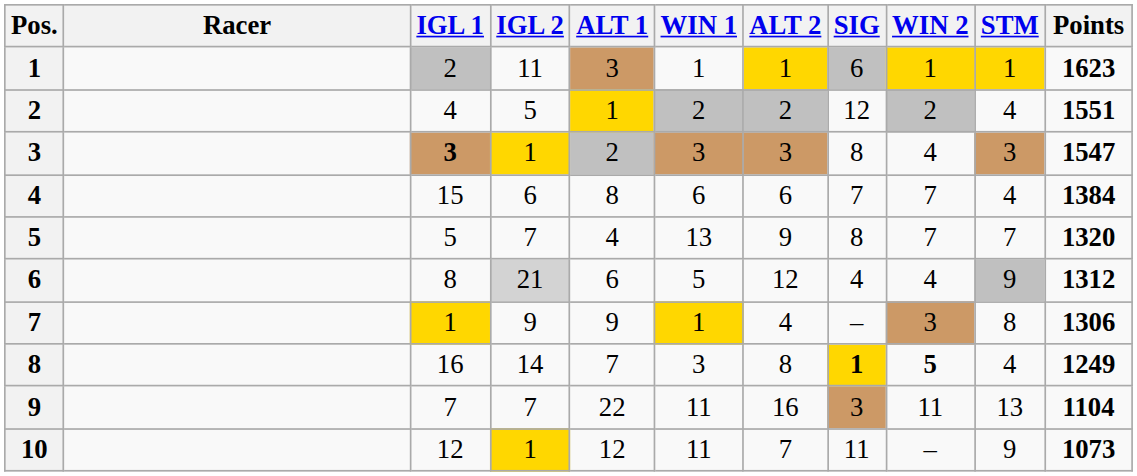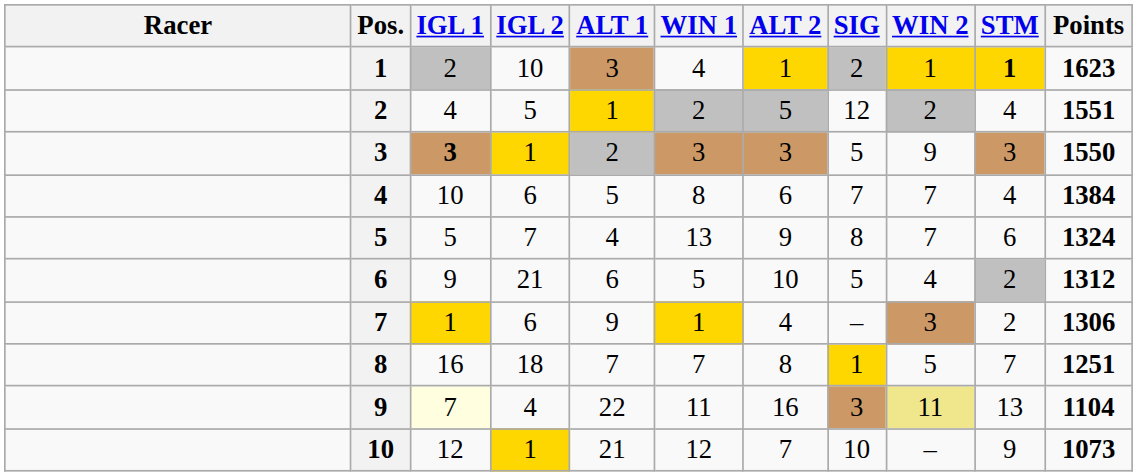 <table class="wikitable sortable plainrowheaders" style="text-align:center;">
 <tr>
+<th scope="col" style="width:200px;">Racer</th>
 <th scope="col">Pos.</th>
-<th scope="col" style="width:200px;">Racer</th>
 <th scope="col"> <a href='#'>IGL 1</a></th>
 <th> <a href='#'>IGL 2</a></th>
 <th> <a href='#'>ALT 1</a></th>
 <th> <a href='#'>WIN 1</a></th>
 <th> <a href='#'>ALT 2</a></th>
 <th> <a href='#'>SIG</a></th>
 <th> <a href='#'>WIN 2</a></th>
 <th> <a href='#'>STM</a></th>
 <th style="width:45px;">Points</th>
 </tr>
 <tr>
+<td align="left"></td>
 <th style="text-align:center;">1</th>
-<td align="left"></td>
 <td style="background:silver;">2</td>
-<td>11</td>
+<td>10</td>
 <td style="background:#c96;">3</td>
-<td>1</td>
+<td>4</td>
 <td style="background:gold;">1</td>
-<td style="background:silver;">6</td>
+<td style="background:silver;">2</td>
 <td style="background:gold;">1</td>
-<td style="background:gold;">1</td>
+<td style="background:gold;"><strong>1</strong></td>
 <td><strong>1623</strong></td>
 </tr>
 <tr>
+<td align="left"></td>
 <th style="text-align:center;">2</th>
-<td align="left"></td>
 <td>4</td>
 <td>5</td>
 <td style="background:gold;">1</td>
 <td style="background:silver;">2</td>
-<td style="background:silver;">2</td>
+<td style="background:silver;">5</td>
 <td>12</td>
 <td style="background:silver;">2</td>
 <td>4</td>
 <td><strong>1551</strong></td>
 </tr>
 <tr>
+<td align="left"></td>
 <th style="text-align:center;">3</th>
-<td align="left"></td>
 <td style="background:#c96;"><strong>3</strong></td>
 <td style="background:gold;">1</td>
 <td style="background:silver;">2</td>
 <td style="background:#c96;">3</td>
 <td style="background:#c96;">3</td>
-<td>8</td>
-<td>4</td>
+<td>5</td>
+<td>9</td>
 <td style="background:#c96;">3</td>
-<td><strong>1547</strong></td>
+<td><strong>1550</strong></td>
 </tr>
 <tr>
+<td align="left"></td>
 <th style="text-align:center;">4</th>
-<td align="left"></td>
-<td>15</td>
+<td>10</td>
 <td>6</td>
+<td>5</td>
 <td>8</td>
-<td>6</td>
 <td>6</td>
 <td>7</td>
 <td>7</td>
 <td>4</td>
 <td><strong>1384</strong></td>
 </tr>
 <tr>
+<td align="left"></td>
 <th style="text-align:center;">5</th>
-<td align="left"></td>
 <td>5</td>
 <td>7</td>
 <td>4</td>
 <td>13</td>
 <td>9</td>
 <td>8</td>
 <td>7</td>
-<td>7</td>
-<td><strong>1320</strong></td>
+<td>6</td>
+<td><strong>1324</strong></td>
 </tr>
 <tr>
+<td align="left"></td>
 <th style="text-align:center;">6</th>
-<td align="left"></td>
-<td>8</td>
-<td style="background: lightgrey;">21</td>
+<td>9</td>
+<td>21</td>
 <td>6</td>
 <td>5</td>
-<td>12</td>
+<td>10</td>
+<td>5</td>
 <td>4</td>
-<td>4</td>
-<td style="background:silver;">9</td>
+<td style="background:silver;">2</td>
 <td><strong>1312</strong></td>
 </tr>
 <tr>
+<td align="left"></td>
 <th style="text-align:center;">7</th>
-<td align="left"></td>
 <td style="background:gold;">1</td>
-<td>9</td>
+<td>6</td>
 <td>9</td>
 <td style="background:gold;">1</td>
 <td>4</td>
 <td>–</td>
 <td style="background:#c96;">3</td>
-<td>8</td>
+<td>2</td>
 <td><strong>1306</strong></td>
 </tr>
 <tr>
+<td align="left"></td>
 <th style="text-align:center;">8</th>
-<td align="left"></td>
 <td>16</td>
-<td>14</td>
+<td>18</td>
 <td>7</td>
-<td>3</td>
+<td>7</td>
 <td>8</td>
-<td style="background:gold;"><strong>1</strong></td>
-<td><strong>5</strong></td>
-<td>4</td>
-<td><strong>1249</strong></td>
+<td style="background:gold;">1</td>
+<td>5</td>
+<td>7</td>
+<td><strong>1251</strong></td>
 </tr>
 <tr>
+<td align="left"></td>
 <th style="text-align:center;">9</th>
-<td align="left"></td>
-<td>7</td>
-<td>7</td>
+<td style="background: lightyellow;">7</td>
+<td>4</td>
 <td>22</td>
 <td>11</td>
 <td>16</td>
 <td style="background:#c96;">3</td>
-<td>11</td>
+<td style="background: khaki;">11</td>
 <td>13</td>
 <td><strong>1104</strong></td>
 </tr>
 <tr>
+<td align="left"></td>
 <th style="text-align:center;">10</th>
-<td align="left"></td>
 <td>12</td>
 <td style="background:gold;">1</td>
+<td>21</td>
 <td>12</td>
-<td>11</td>
 <td>7</td>
-<td>11</td>
+<td>10</td>
 <td>–</td>
 <td>9</td>
 <td><strong>1073</strong></td>
 </tr>
 </table>
